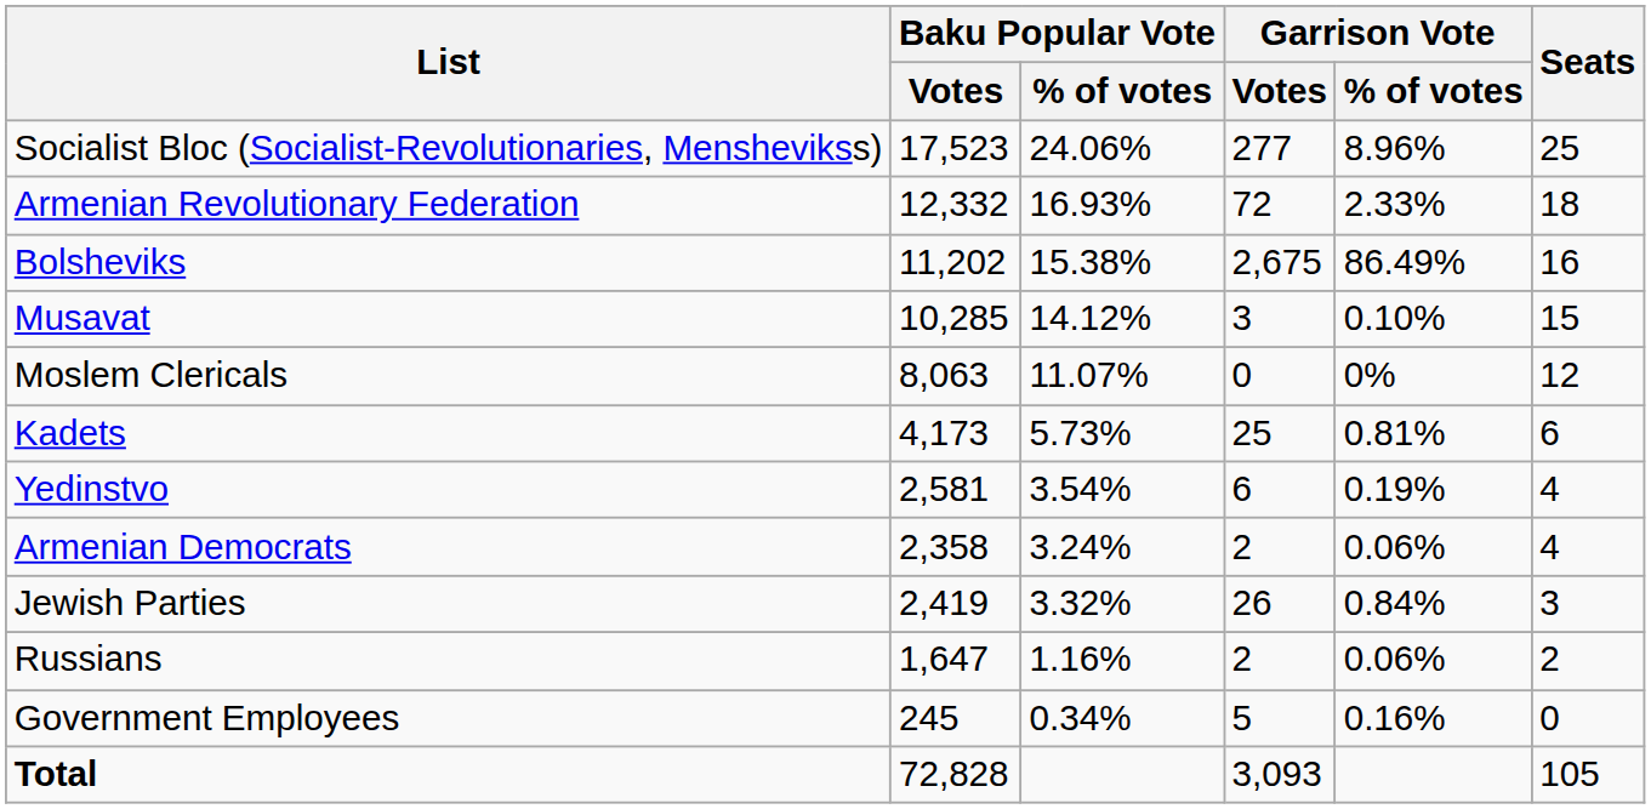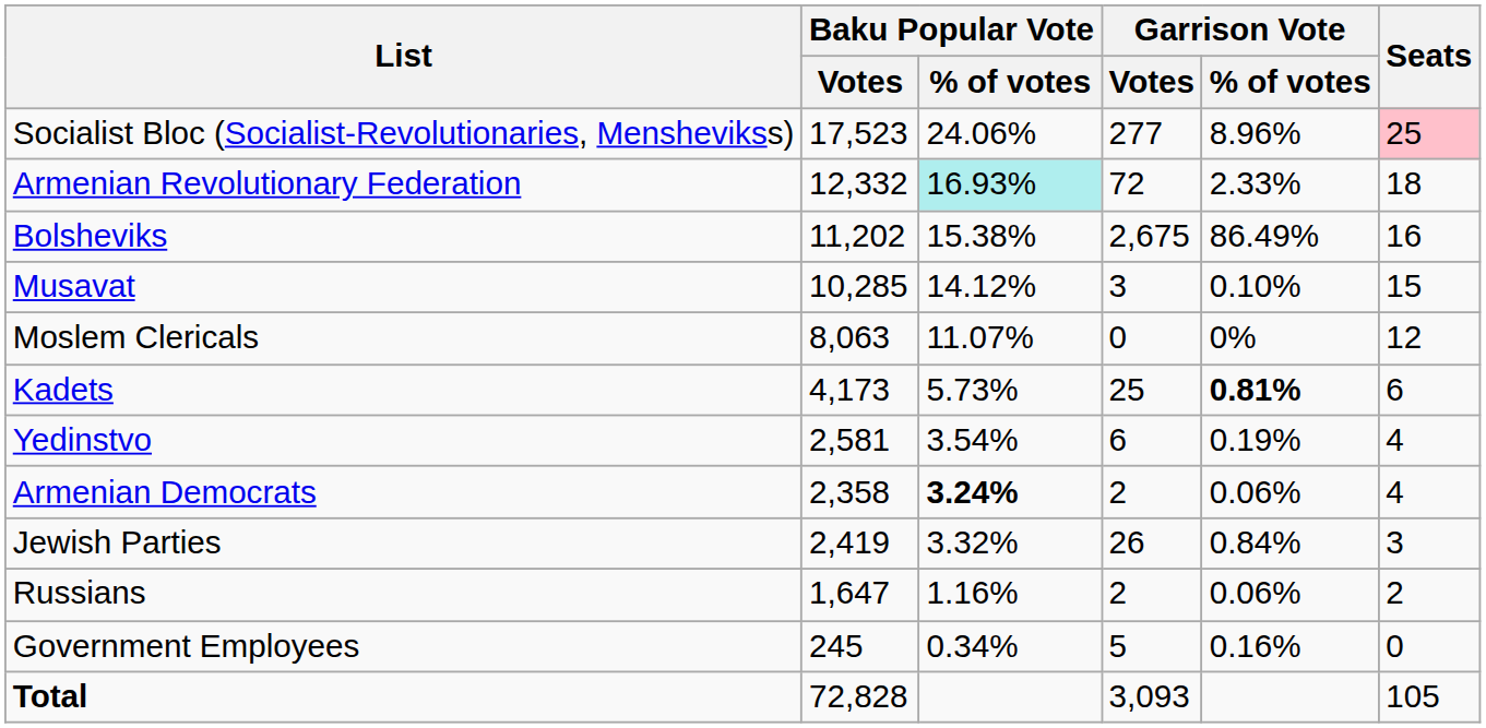 <table class="wikitable">
 <tr>
 <th rowspan=2>List</th>
 <th colspan=2>Baku Popular Vote</th>
 <th Colspan=2>Garrison Vote</th>
 <th rowspan=2>Seats</th>
 </tr>
 <tr>
 <th>Votes</th>
 <th>% of votes</th>
 <th>Votes</th>
 <th>% of votes</th>
 </tr>
 <tr>
 <td>Socialist Bloc (<a href='#'>Socialist-Revolutionaries</a>, <a href='#'>Mensheviks</a>s)</td>
 <td>17,523</td>
 <td>24.06%</td>
 <td>277</td>
 <td>8.96%</td>
-<td>25</td>
+<td style="background: pink;">25</td>
 </tr>
 <tr>
 <td><a href='#'>Armenian Revolutionary Federation</a></td>
 <td>12,332</td>
-<td>16.93%</td>
+<td style="background: paleturquoise;">16.93%</td>
 <td>72</td>
 <td>2.33%</td>
 <td>18</td>
 </tr>
 <tr>
 <td><a href='#'>Bolsheviks</a></td>
 <td>11,202</td>
 <td>15.38%</td>
 <td>2,675</td>
 <td>86.49%</td>
 <td>16</td>
 </tr>
 <tr>
 <td><a href='#'>Musavat</a></td>
 <td>10,285</td>
 <td>14.12%</td>
 <td>3</td>
 <td>0.10%</td>
 <td>15</td>
 </tr>
 <tr>
 <td>Moslem Clericals</td>
 <td>8,063</td>
 <td>11.07%</td>
 <td>0</td>
 <td>0%</td>
 <td>12</td>
 </tr>
 <tr>
 <td><a href='#'>Kadets</a></td>
 <td>4,173</td>
 <td>5.73%</td>
 <td>25</td>
-<td>0.81%</td>
+<td><strong>0.81%</strong></td>
 <td>6</td>
 </tr>
 <tr>
 <td><a href='#'>Yedinstvo</a></td>
 <td>2,581</td>
 <td>3.54%</td>
 <td>6</td>
 <td>0.19%</td>
 <td>4</td>
 </tr>
 <tr>
 <td><a href='#'>Armenian Democrats</a></td>
 <td>2,358</td>
-<td>3.24%</td>
+<td><strong>3.24%</strong></td>
 <td>2</td>
 <td>0.06%</td>
 <td>4</td>
 </tr>
 <tr>
 <td>Jewish Parties</td>
 <td>2,419</td>
 <td>3.32%</td>
 <td>26</td>
 <td>0.84%</td>
 <td>3</td>
 </tr>
 <tr>
 <td>Russians</td>
 <td>1,647</td>
 <td>1.16%</td>
 <td>2</td>
 <td>0.06%</td>
 <td>2</td>
 </tr>
 <tr>
 <td>Government Employees</td>
 <td>245</td>
 <td>0.34%</td>
 <td>5</td>
 <td>0.16%</td>
 <td>0</td>
 </tr>
 <tr>
 <td><strong>Total</strong></td>
 <td>72,828</td>
 <td></td>
 <td>3,093</td>
 <td></td>
 <td>105</td>
 </tr>
 </table>
